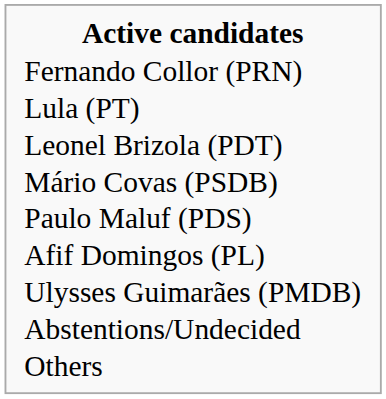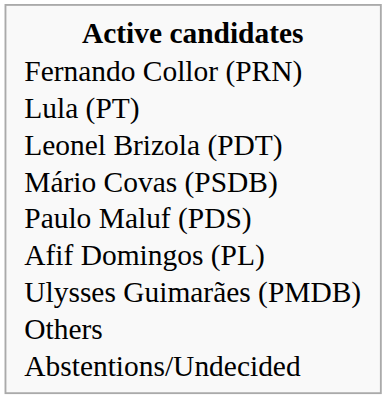 <table style="float; margin-left: 1em; margin-bottom: 0.5em" class="infobox">
 <tr>
 <td style="text-align: center"><span><strong>Active candidates</strong></span></td>
 </tr>
 <tr>
 <td style="padding: 0 5px;"> Fernando Collor (PRN)</td>
 </tr>
 <tr>
 <td style="padding: 0 5px;"> Lula (PT)</td>
 </tr>
 <tr>
 <td style="padding: 0 5px;"> Leonel Brizola (PDT)</td>
 </tr>
 <tr>
 <td style="padding: 0 5px;"> Mário Covas (PSDB)</td>
 </tr>
 <tr>
 <td style="padding: 0 5px;"> Paulo Maluf (PDS)</td>
 </tr>
 <tr>
 <td style="padding: 0 5px;"> Afif Domingos (PL)</td>
 </tr>
 <tr>
 <td style="padding: 0 5px;"> Ulysses Guimarães (PMDB)</td>
 </tr>
 <tr>
+<td style="padding: 0 5px;"> Others</td>
+</tr>
+<tr>
 <td style="padding: 0 5px;"> Abstentions/Undecided</td>
 </tr>
-<tr>
-<td style="padding: 0 5px;"> Others</td>
-</tr>
 </table>
